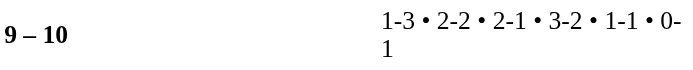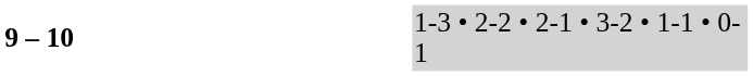 <table>
 <tr>
 <th width=200></th>
 <th width=80></th>
 <th width=200></th>
 <th width=220></th>
 </tr>
 <tr>
 <td align=right></td>
 <td align=center><strong>9 – 10</strong></td>
 <td><strong></strong></td>
-<td>1-3 • 2-2 • 2-1 • 3-2 • 1-1 • 0-1</td>
+<td style="background: lightgrey;">1-3 • 2-2 • 2-1 • 3-2 • 1-1 • 0-1</td>
 </tr>
 </table>
